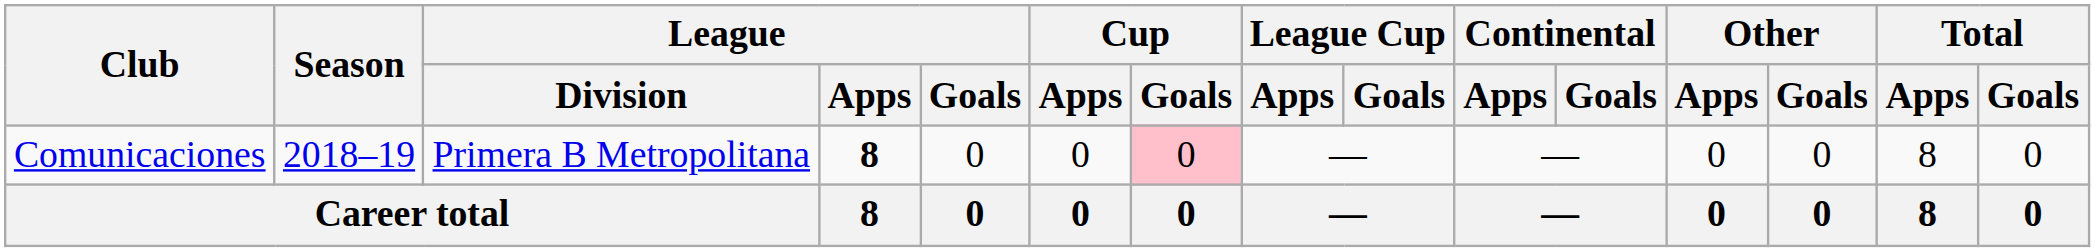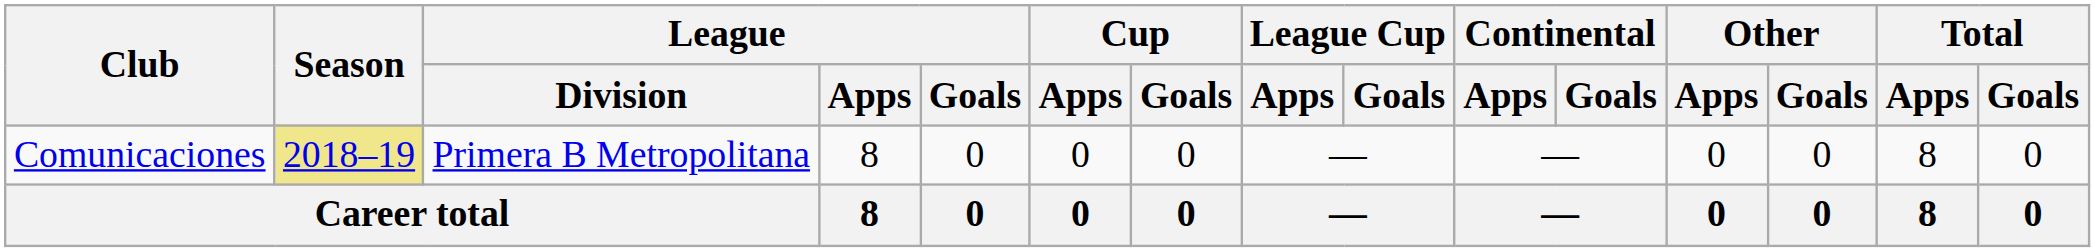 <table class="wikitable" style="text-align:center">
 <tr>
 <th rowspan="2">Club</th>
 <th rowspan="2">Season</th>
 <th colspan="3">League</th>
 <th colspan="2">Cup</th>
 <th colspan="2">League Cup</th>
 <th colspan="2">Continental</th>
 <th colspan="2">Other</th>
 <th colspan="2">Total</th>
 </tr>
 <tr>
 <th>Division</th>
 <th>Apps</th>
 <th>Goals</th>
 <th>Apps</th>
 <th>Goals</th>
 <th>Apps</th>
 <th>Goals</th>
 <th>Apps</th>
 <th>Goals</th>
 <th>Apps</th>
 <th>Goals</th>
 <th>Apps</th>
 <th>Goals</th>
 </tr>
 <tr>
 <td rowspan="1"><a href='#'>Comunicaciones</a></td>
-<td><a href='#'>2018–19</a></td>
+<td style="background: khaki;"><a href='#'>2018–19</a></td>
 <td rowspan="1"><a href='#'>Primera B Metropolitana</a></td>
-<td><strong>8</strong></td>
+<td>8</td>
 <td>0</td>
 <td>0</td>
-<td style="background: pink;">0</td>
+<td>0</td>
 <td colspan="2">—</td>
 <td colspan="2">—</td>
 <td>0</td>
 <td>0</td>
 <td>8</td>
 <td>0</td>
 </tr>
 <tr>
 <th colspan="3">Career total</th>
 <th>8</th>
 <th>0</th>
 <th>0</th>
 <th>0</th>
 <th colspan="2">—</th>
 <th colspan="2">—</th>
 <th>0</th>
 <th>0</th>
 <th>8</th>
 <th>0</th>
 </tr>
 </table>
